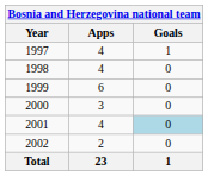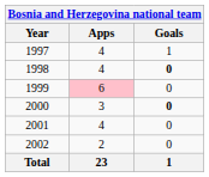 <table class="wikitable" style="text-align:center">
 <tr>
 <th colspan=3><a href='#'>Bosnia and Herzegovina national team</a></th>
 </tr>
 <tr>
 <th>Year</th>
 <th>Apps</th>
 <th>Goals</th>
 </tr>
 <tr>
 <td>1997</td>
 <td>4</td>
 <td>1</td>
 </tr>
 <tr>
 <td>1998</td>
 <td>4</td>
-<td>0</td>
+<td><strong>0</strong></td>
 </tr>
 <tr>
 <td>1999</td>
-<td>6</td>
+<td style="background: pink;">6</td>
 <td>0</td>
 </tr>
 <tr>
 <td>2000</td>
 <td>3</td>
-<td>0</td>
+<td><strong>0</strong></td>
 </tr>
 <tr>
 <td>2001</td>
 <td>4</td>
-<td style="background: lightblue;">0</td>
+<td>0</td>
 </tr>
 <tr>
 <td>2002</td>
 <td>2</td>
 <td>0</td>
 </tr>
 <tr>
 <th>Total</th>
 <th>23</th>
 <th>1</th>
 </tr>
 </table>
